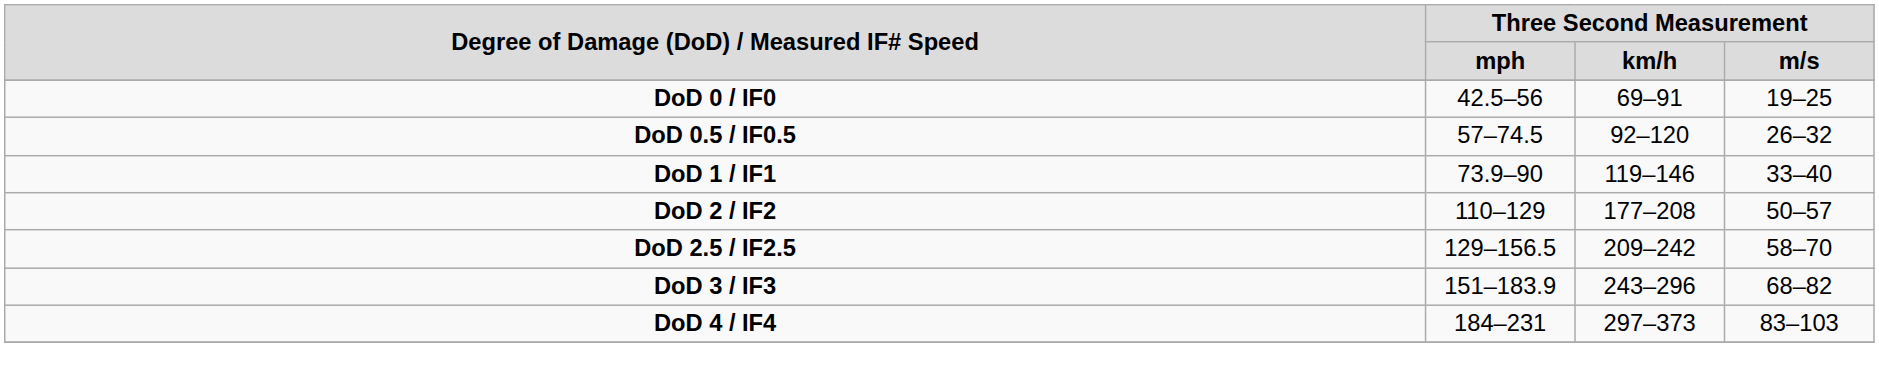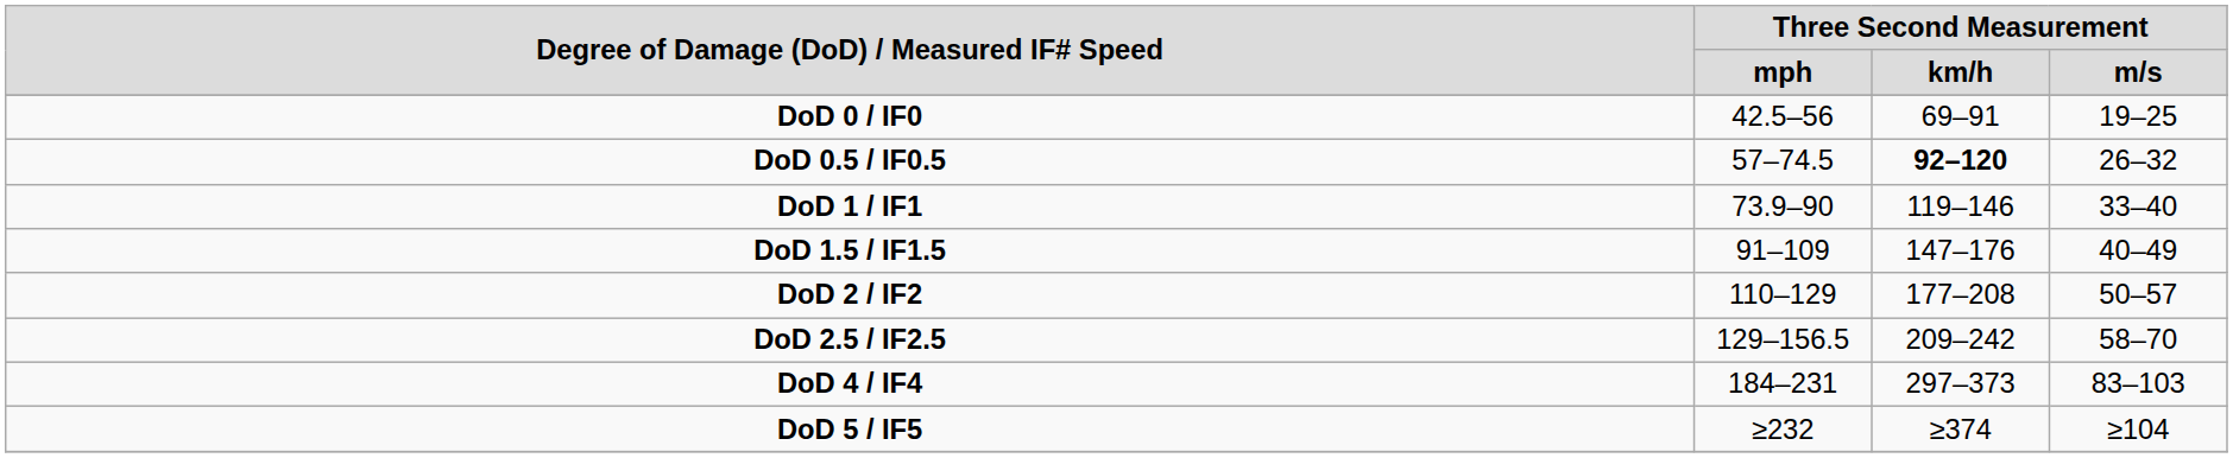 <table class="wikitable" width="100%">
 <tr style="text-align:center; background:gainsboro;">
 <td rowspan="2"><strong>Degree of Damage (DoD) / Measured IF# Speed</strong></td>
 <td colspan="3"><strong>Three Second Measurement</strong></td>
 </tr>
 <tr style="text-align:center; background:gainsboro;">
 <td><strong>mph</strong></td>
 <td><strong>km/h</strong></td>
 <td><strong>m/s</strong></td>
 </tr>
 <tr>
 </tr>
 <tr>
 <td align="center"><strong>DoD 0 / IF0</strong></td>
 <td style="text-align:center; width:8%;">42.5–56</td>
 <td style="text-align:center; width:8%;">69–91</td>
 <td style="text-align:center; width:8%;">19–25</td>
 </tr>
 <tr>
 <td align="center"><strong>DoD 0.5 / IF0.5</strong></td>
 <td style="text-align:center; width:8%;">57–74.5</td>
-<td style="text-align:center; width:8%;">92–120</td>
+<td style="text-align:center; width:8%;"><strong>92–120</strong></td>
 <td style="text-align:center; width:8%;">26–32</td>
 </tr>
 <tr>
 <td align="center"><strong>DoD 1 / IF1</strong></td>
 <td style="text-align:center; width:8%;">73.9–90</td>
 <td style="text-align:center; width:8%;">119–146</td>
 <td style="text-align:center; width:8%;">33–40</td>
+</tr>
+<tr>
+<td align="center"><strong>DoD 1.5 / IF1.5</strong></td>
+<td style="text-align:center; width:8%;">91–109</td>
+<td style="text-align:center; width:8%;">147–176</td>
+<td style="text-align:center; width:8%;">40–49</td>
 </tr>
 <tr>
 <td align="center"><strong>DoD 2 / IF2</strong></td>
 <td style="text-align:center; width:8%;">110–129</td>
 <td style="text-align:center; width:8%;">177–208</td>
 <td style="text-align:center; width:8%;">50–57</td>
 </tr>
 <tr>
 <td align="center"><strong>DoD 2.5 / IF2.5</strong></td>
 <td style="text-align:center; width:8%;">129–156.5</td>
 <td style="text-align:center; width:8%;">209–242</td>
 <td style="text-align:center; width:8%;">58–70</td>
 </tr>
 <tr>
-<td align="center"><strong>DoD 3 / IF3</strong></td>
-<td style="text-align:center; width:8%;">151–183.9</td>
-<td style="text-align:center; width:8%;">243–296</td>
-<td style="text-align:center; width:8%;">68–82</td>
-</tr>
-<tr>
 <td align="center"><strong>DoD 4 / IF4</strong></td>
 <td style="text-align:center; width:8%;">184–231</td>
 <td style="text-align:center; width:8%;">297–373</td>
 <td style="text-align:center; width:8%;">83–103</td>
 </tr>
 <tr>
+<td align="center"><strong>DoD 5 / IF5</strong></td>
+<td style="text-align:center; width:8%;">≥232</td>
+<td style="text-align:center; width:8%;">≥374</td>
+<td style="text-align:center; width:8%;">≥104</td>
+</tr>
+<tr>
 </tr>
 </table>
